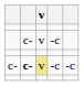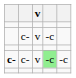 <table class="wikitable">
 <tr>
 <th></th>
 <th></th>
 <th>v</th>
 <th></th>
 <th></th>
 </tr>
 <tr>
 <td></td>
 <td></td>
 <td></td>
 <td></td>
 <td></td>
 </tr>
 <tr>
 <td></td>
 <td>c-</td>
 <td>v</td>
 <td>-c</td>
 <td></td>
 </tr>
 <tr>
 <td></td>
 <td></td>
 <td></td>
 <td></td>
 <td></td>
 </tr>
 <tr>
+<td><strong>c-</strong></td>
 <td>c-</td>
-<td><strong>c-</strong></td>
-<td style="background: khaki;">v</td>
-<td>-c</td>
+<td>v</td>
+<td style="background: lightgreen;">-c</td>
 <td>-c</td>
 </tr>
 <tr>
 <td></td>
 <td></td>
 <td></td>
 <td></td>
 <td></td>
 </tr>
 </table>
